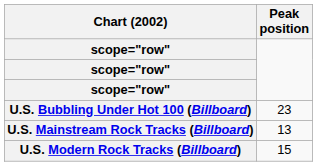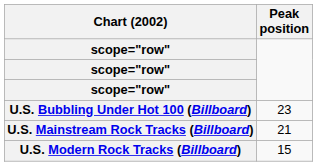 <table class="wikitable sortable plainrowheaders">
 <tr>
 <th scope="col">Chart (2002)</th>
 <th scope="col">Peak<br>position</th>
 </tr>
 <tr>
 <th>scope="row"</th>
 </tr>
 <tr>
 <th>scope="row"</th>
 </tr>
 <tr>
 <th>scope="row"</th>
 </tr>
 <tr>
 <th scope="row">U.S. <a href='#'>Bubbling Under Hot 100</a> (<em><a href='#'>Billboard</a></em>)</th>
 <td align="center">23</td>
 </tr>
 <tr>
 <th scope="row">U.S. <a href='#'>Mainstream Rock Tracks</a> (<em><a href='#'>Billboard</a></em>)</th>
-<td align="center">13</td>
+<td align="center">21</td>
 </tr>
 <tr>
 <th scope="row">U.S. <a href='#'>Modern Rock Tracks</a> (<em><a href='#'>Billboard</a></em>)</th>
 <td align="center">15</td>
 </tr>
 </table>
